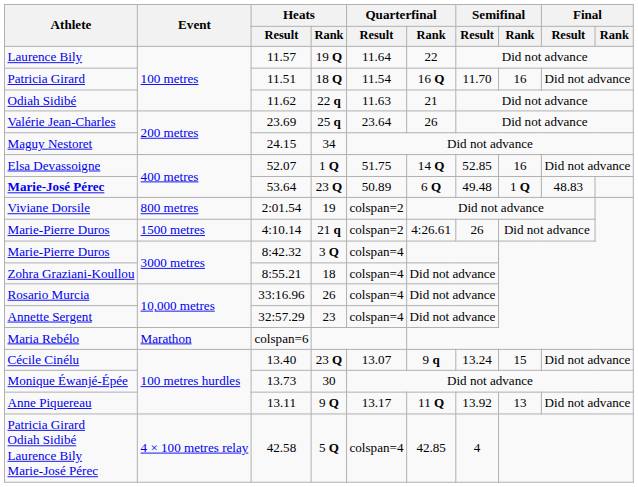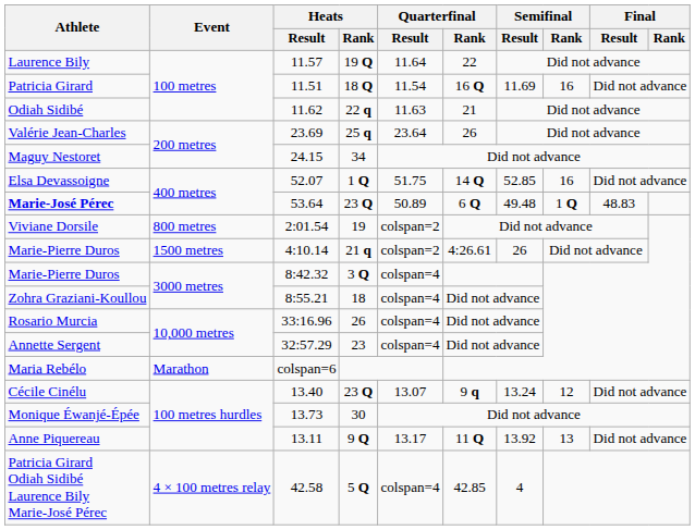 <table class="wikitable" style="font-size:90%">
 <tr>
 <th rowspan="2">Athlete</th>
 <th rowspan="2">Event</th>
 <th colspan="2">Heats</th>
 <th colspan="2">Quarterfinal</th>
 <th colspan="2">Semifinal</th>
 <th colspan="2">Final</th>
 </tr>
 <tr style="font-size:95%">
 <th>Result</th>
 <th>Rank</th>
 <th>Result</th>
 <th>Rank</th>
 <th>Result</th>
 <th>Rank</th>
 <th>Result</th>
 <th>Rank</th>
 </tr>
 <tr align=center>
 <td align=left><a href='#'>Laurence Bily</a></td>
 <td align=left rowspan=3><a href='#'>100 metres</a></td>
 <td>11.57</td>
 <td>19 <strong>Q</strong></td>
 <td>11.64</td>
 <td>22</td>
 <td colspan=4>Did not advance</td>
 </tr>
 <tr align=center>
 <td align=left><a href='#'>Patricia Girard</a></td>
 <td>11.51</td>
 <td>18 <strong>Q</strong></td>
 <td>11.54</td>
 <td>16 <strong>Q</strong></td>
-<td>11.70</td>
+<td>11.69</td>
 <td>16</td>
 <td colspan=2>Did not advance</td>
 </tr>
 <tr align=center>
 <td align=left><a href='#'>Odiah Sidibé</a></td>
 <td>11.62</td>
 <td>22 <strong>q</strong></td>
 <td>11.63</td>
 <td>21</td>
 <td colspan=4>Did not advance</td>
 </tr>
 <tr align=center>
 <td align=left><a href='#'>Valérie Jean-Charles</a></td>
 <td align=left rowspan=2><a href='#'>200 metres</a></td>
 <td>23.69</td>
 <td>25 <strong>q</strong></td>
 <td>23.64</td>
 <td>26</td>
 <td colspan=4>Did not advance</td>
 </tr>
 <tr align=center>
 <td align=left><a href='#'>Maguy Nestoret</a></td>
 <td>24.15</td>
 <td>34</td>
 <td colspan=6>Did not advance</td>
 </tr>
 <tr align=center>
 <td align=left><a href='#'>Elsa Devassoigne</a></td>
 <td align=left rowspan=2><a href='#'>400 metres</a></td>
 <td>52.07</td>
 <td>1 <strong>Q</strong></td>
 <td>51.75</td>
 <td>14 <strong>Q</strong></td>
 <td>52.85</td>
 <td>16</td>
 <td colspan=2>Did not advance</td>
 </tr>
 <tr align=center>
 <td align=left><strong><a href='#'>Marie-José Pérec</a></strong></td>
 <td>53.64</td>
 <td>23 <strong>Q</strong></td>
 <td>50.89</td>
 <td>6 <strong>Q</strong></td>
 <td>49.48</td>
 <td>1 <strong>Q</strong></td>
 <td>48.83</td>
 <td></td>
 </tr>
 <tr align=center>
 <td align=left><a href='#'>Viviane Dorsile</a></td>
 <td align=left><a href='#'>800 metres</a></td>
 <td>2:01.54</td>
 <td>19</td>
 <td>colspan=2</td>
 <td colspan=4>Did not advance</td>
 </tr>
 <tr align=center>
 <td align=left><a href='#'>Marie-Pierre Duros</a></td>
 <td align=left><a href='#'>1500 metres</a></td>
 <td>4:10.14</td>
 <td>21 <strong>q</strong></td>
 <td>colspan=2</td>
 <td>4:26.61</td>
 <td>26</td>
 <td colspan=2>Did not advance</td>
 </tr>
 <tr align=center>
 <td align=left><a href='#'>Marie-Pierre Duros</a></td>
 <td align=left rowspan=2><a href='#'>3000 metres</a></td>
 <td>8:42.32</td>
 <td>3 <strong>Q</strong></td>
 <td>colspan=4</td>
 <td colspan=2></td>
 </tr>
 <tr align=center>
 <td align=left><a href='#'>Zohra Graziani-Koullou</a></td>
 <td>8:55.21</td>
 <td>18</td>
 <td>colspan=4</td>
 <td colspan=2>Did not advance</td>
 </tr>
 <tr align=center>
 <td align=left><a href='#'>Rosario Murcia</a></td>
 <td align=left rowspan=2><a href='#'>10,000 metres</a></td>
 <td>33:16.96</td>
 <td>26</td>
 <td>colspan=4</td>
 <td colspan=2>Did not advance</td>
 </tr>
 <tr align=center>
 <td align=left><a href='#'>Annette Sergent</a></td>
 <td>32:57.29</td>
 <td>23</td>
 <td>colspan=4</td>
 <td colspan=2>Did not advance</td>
 </tr>
 <tr align=center>
 <td align=left><a href='#'>Maria Rebélo</a></td>
 <td align=left><a href='#'>Marathon</a></td>
 <td>colspan=6</td>
 <td colspan=2></td>
 </tr>
 <tr align=center>
 <td align=left><a href='#'>Cécile Cinélu</a></td>
 <td align=left rowspan=3><a href='#'>100 metres hurdles</a></td>
 <td>13.40</td>
 <td>23 <strong>Q</strong></td>
 <td>13.07</td>
 <td>9 <strong>q</strong></td>
 <td>13.24</td>
-<td>15</td>
+<td>12</td>
 <td colspan=2>Did not advance</td>
 </tr>
 <tr align=center>
 <td align=left><a href='#'>Monique Éwanjé-Épée</a></td>
 <td>13.73</td>
 <td>30</td>
 <td colspan=6>Did not advance</td>
 </tr>
 <tr align=center>
 <td align=left><a href='#'>Anne Piquereau</a></td>
 <td>13.11</td>
 <td>9 <strong>Q</strong></td>
 <td>13.17</td>
 <td>11 <strong>Q</strong></td>
 <td>13.92</td>
 <td>13</td>
 <td colspan=2>Did not advance</td>
 </tr>
 <tr align=center>
 <td align=left><a href='#'>Patricia Girard</a><br><a href='#'>Odiah Sidibé</a><br><a href='#'>Laurence Bily</a><br><a href='#'>Marie-José Pérec</a></td>
 <td align=left><a href='#'>4 × 100 metres relay</a></td>
 <td>42.58</td>
 <td>5 <strong>Q</strong></td>
 <td>colspan=4</td>
 <td>42.85</td>
 <td>4</td>
 </tr>
 </table>
